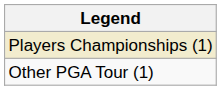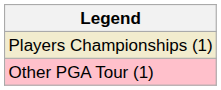 <table class="wikitable" style="font-size:95%;">
 <tr>
 <th>Legend</th>
 </tr>
 <tr style="background:#f2ecce;">
 <td>Players Championships (1)</td>
 </tr>
 <tr>
-<td>Other PGA Tour (1)</td>
+<td style="background: pink;">Other PGA Tour (1)</td>
 </tr>
 </table>
